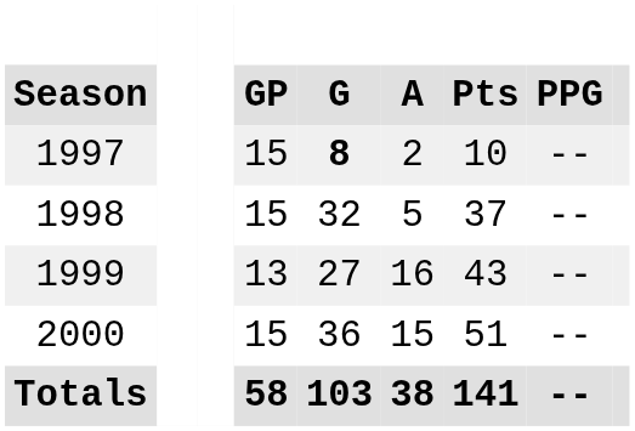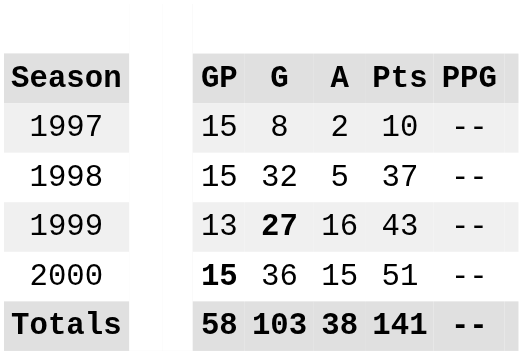 <table BORDER="0" CELLPADDING="3" CELLSPACING="0">
 <tr ALIGN="center" bgcolor="#e0e0e0">
 <th colspan="1" bgcolor="#ffffff"> </th>
 <th rowspan="99" bgcolor="#ffffff"> </th>
 <th rowspan="99" bgcolor="#ffffff"> </th>
 </tr>
 <tr ALIGN="center" bgcolor="#e0e0e0">
 <th>Season</th>
 <th>GP</th>
 <th>G</th>
 <th>A</th>
 <th>Pts</th>
 <th>PPG</th>
 <th></th>
 </tr>
 <tr ALIGN="center" bgcolor="#f0f0f0">
 <td>1997</td>
 <td>15</td>
-<td><strong>8</strong></td>
+<td>8</td>
 <td>2</td>
 <td>10</td>
 <td>--</td>
 <td></td>
 </tr>
 <tr ALIGN="center">
 <td>1998</td>
 <td>15</td>
 <td>32</td>
 <td>5</td>
 <td>37</td>
 <td>--</td>
 <td></td>
 </tr>
 <tr ALIGN="center" bgcolor="#f0f0f0">
 <td>1999</td>
 <td>13</td>
-<td>27</td>
+<td><strong>27</strong></td>
 <td>16</td>
 <td>43</td>
 <td>--</td>
 <td></td>
 </tr>
 <tr ALIGN="center">
 <td>2000</td>
-<td>15</td>
+<td><strong>15</strong></td>
 <td>36</td>
 <td>15</td>
 <td>51</td>
 <td>--</td>
 <td></td>
 </tr>
 <tr ALIGN="center"  bgcolor="#e0e0e0">
 <th colspan="1.5">Totals</th>
 <th>58</th>
 <th>103</th>
 <th>38</th>
 <th>141</th>
 <th>--</th>
 <th></th>
 </tr>
 </table>
